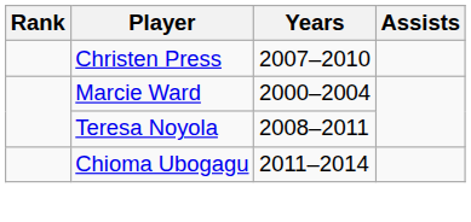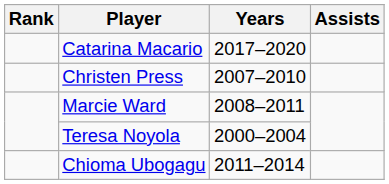 <table class="wikitable" style="text-align: left;">
 <tr>
 <th width=px>Rank</th>
 <th width=px>Player</th>
 <th width=px>Years</th>
 <th width=px>Assists</th>
+</tr>
+<tr>
+<td></td>
+<td><a href='#'>Catarina Macario</a></td>
+<td>2017–2020</td>
+<td></td>
 </tr>
 <tr>
 <td></td>
 <td><a href='#'>Christen Press</a></td>
 <td>2007–2010</td>
 <td></td>
 </tr>
 <tr>
 <td rowspan=2></td>
 <td><a href='#'>Marcie Ward</a></td>
-<td>2000–2004</td>
+<td>2008–2011</td>
 <td rowspan=2></td>
 </tr>
 <tr>
 <td><a href='#'>Teresa Noyola</a></td>
-<td>2008–2011</td>
+<td>2000–2004</td>
 </tr>
 <tr>
 <td></td>
 <td><a href='#'>Chioma Ubogagu</a></td>
 <td>2011–2014</td>
 <td></td>
 </tr>
 </table>
